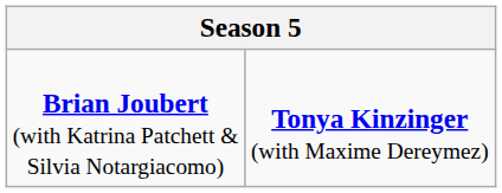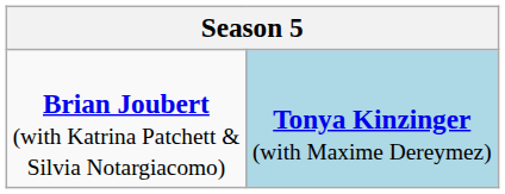 <table class="wikitable" style="float:left; margin:0.5em;">
 <tr>
 <th colspan="3"><strong>Season 5</strong></th>
 </tr>
 <tr>
 <td align="center"><br><strong><a href='#'>Brian Joubert</a></strong><br><small>(with Katrina Patchett &<br> Silvia Notargiacomo)</small></td>
-<td align="center"><br><strong><a href='#'>Tonya Kinzinger</a></strong><br><small>(with Maxime Dereymez)</small></td>
+<td align="center" style="background: lightblue;"><br><strong><a href='#'>Tonya Kinzinger</a></strong><br><small>(with Maxime Dereymez)</small></td>
 </tr>
 </table>
